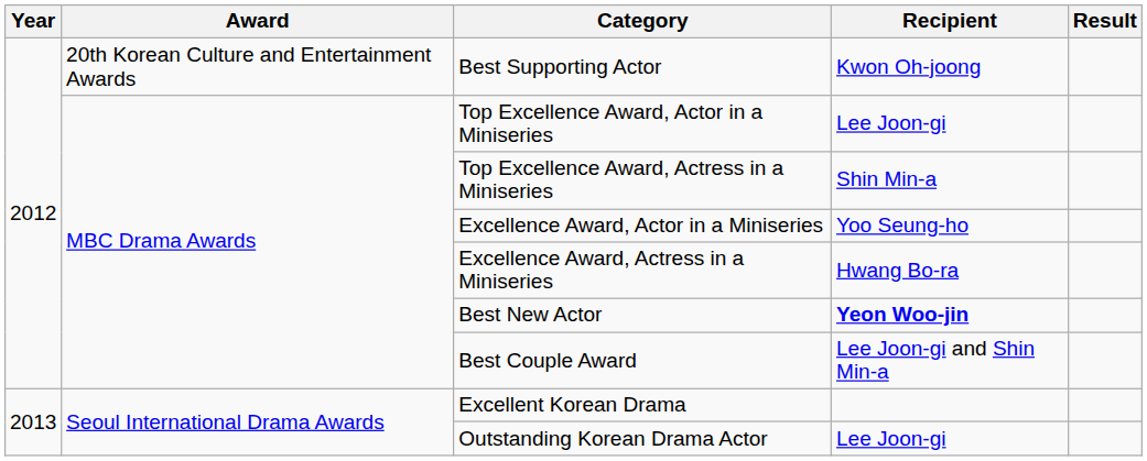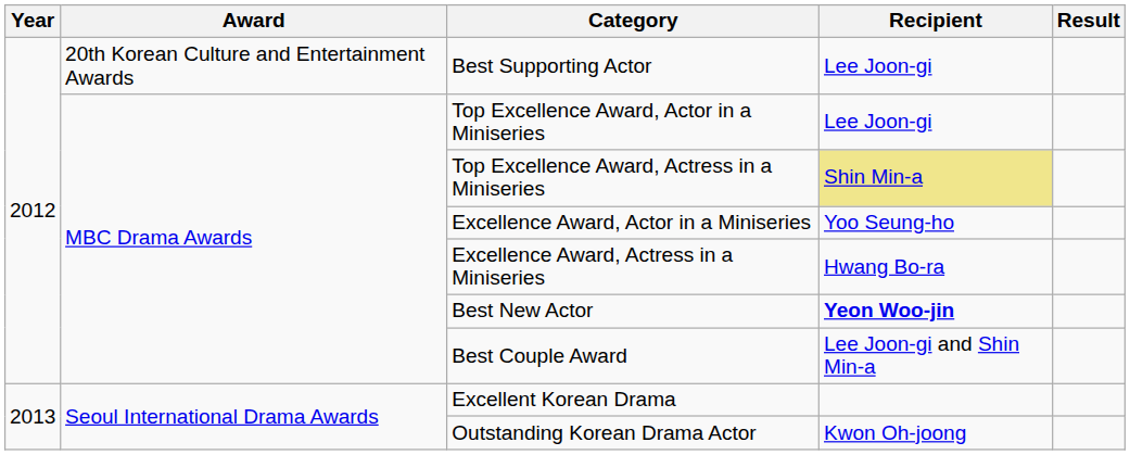 <table class="wikitable">
 <tr>
 <th>Year</th>
 <th>Award</th>
 <th>Category</th>
 <th>Recipient</th>
 <th>Result</th>
 </tr>
 <tr>
 <td rowspan="7">2012</td>
 <td>20th Korean Culture and Entertainment Awards</td>
 <td>Best Supporting Actor</td>
-<td><a href='#'>Kwon Oh-joong</a></td>
+<td><a href='#'>Lee Joon-gi</a></td>
 <td></td>
 </tr>
 <tr>
 <td rowspan="6"><a href='#'>MBC Drama Awards</a></td>
 <td>Top Excellence Award, Actor in a Miniseries</td>
 <td><a href='#'>Lee Joon-gi</a></td>
 <td></td>
 </tr>
 <tr>
 <td>Top Excellence Award, Actress in a Miniseries</td>
-<td><a href='#'>Shin Min-a</a></td>
+<td style="background: khaki;"><a href='#'>Shin Min-a</a></td>
 <td></td>
 </tr>
 <tr>
 <td>Excellence Award, Actor in a Miniseries</td>
 <td><a href='#'>Yoo Seung-ho</a></td>
 <td></td>
 </tr>
 <tr>
 <td>Excellence Award, Actress in a Miniseries</td>
 <td><a href='#'>Hwang Bo-ra</a></td>
 <td></td>
 </tr>
 <tr>
 <td>Best New Actor</td>
 <td><strong><a href='#'>Yeon Woo-jin</a></strong></td>
 <td></td>
 </tr>
 <tr>
 <td>Best Couple Award</td>
 <td><a href='#'>Lee Joon-gi</a> and <a href='#'>Shin Min-a</a></td>
 <td></td>
 </tr>
 <tr>
 <td rowspan="2">2013</td>
 <td rowspan="2"><a href='#'>Seoul International Drama Awards</a></td>
 <td>Excellent Korean Drama</td>
 <td></td>
 <td></td>
 </tr>
 <tr>
 <td>Outstanding Korean Drama Actor</td>
-<td><a href='#'>Lee Joon-gi</a></td>
+<td><a href='#'>Kwon Oh-joong</a></td>
 <td></td>
 </tr>
 </table>
